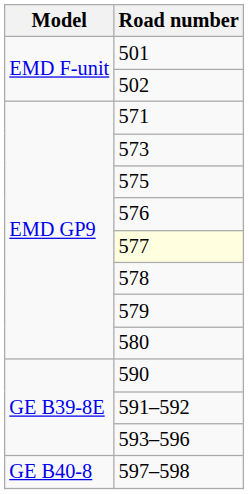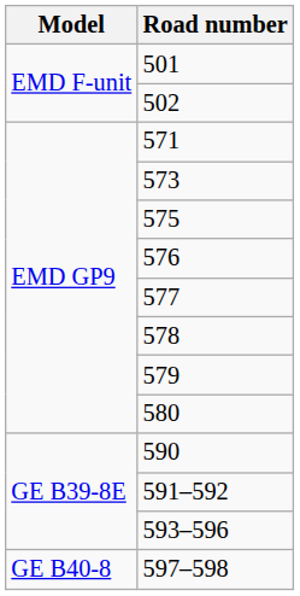 <table class="wikitable">
 <tr>
 <th>Model</th>
 <th>Road number</th>
 </tr>
 <tr>
 <td rowspan="2"><a href='#'>EMD F-unit</a></td>
 <td>501</td>
 </tr>
 <tr>
 <td>502</td>
 </tr>
 <tr>
 <td rowspan="8"><a href='#'>EMD GP9</a></td>
 <td>571</td>
 </tr>
 <tr>
 <td>573</td>
 </tr>
 <tr>
 <td>575</td>
 </tr>
 <tr>
 <td>576</td>
 </tr>
 <tr>
-<td style="background: lightyellow;">577</td>
+<td>577</td>
 </tr>
 <tr>
 <td>578</td>
 </tr>
 <tr>
 <td>579</td>
 </tr>
 <tr>
 <td>580</td>
 </tr>
 <tr>
 <td rowspan="3"><a href='#'>GE B39-8E</a></td>
 <td>590</td>
 </tr>
 <tr>
 <td>591–592</td>
 </tr>
 <tr>
 <td>593–596</td>
 </tr>
 <tr>
 <td rowspan="2"><a href='#'>GE B40-8</a></td>
 <td>597–598</td>
 </tr>
 </table>
